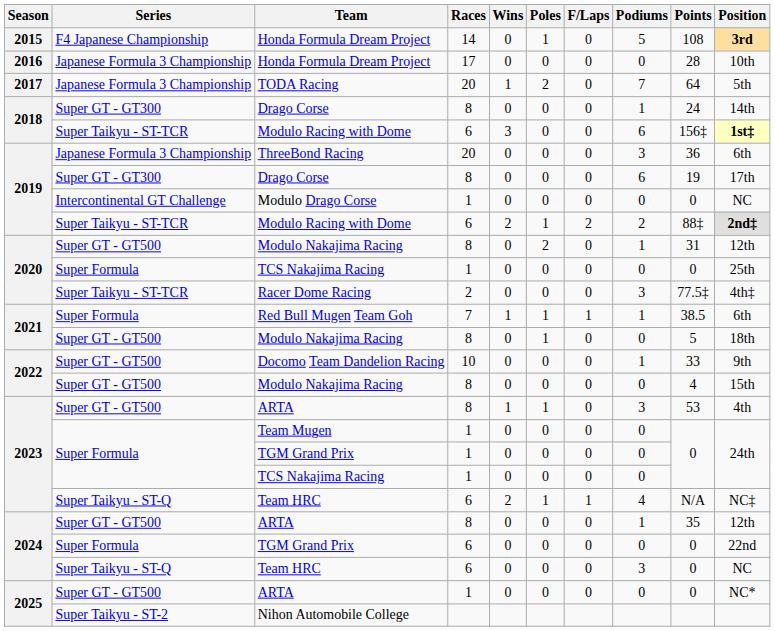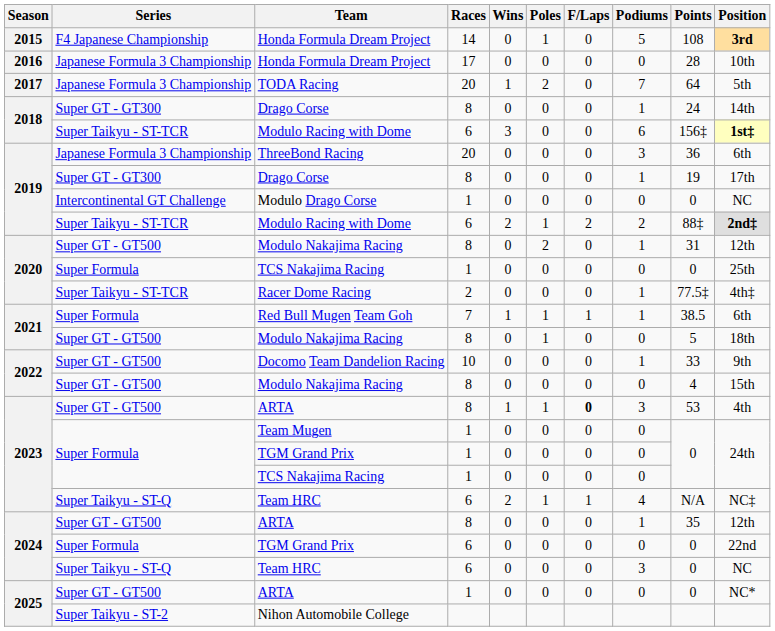 <table class="wikitable" style="font-size: 90%; text-align:center">
 <tr>
 <th>Season</th>
 <th>Series</th>
 <th>Team</th>
 <th>Races</th>
 <th>Wins</th>
 <th>Poles</th>
 <th>F/Laps</th>
 <th>Podiums</th>
 <th>Points</th>
 <th>Position</th>
 </tr>
 <tr>
 <th>2015</th>
 <td align=left><a href='#'>F4 Japanese Championship</a></td>
 <td align=left><a href='#'>Honda Formula Dream Project</a></td>
 <td>14</td>
 <td>0</td>
 <td>1</td>
 <td>0</td>
 <td>5</td>
 <td>108</td>
 <td style="background:#FFDF9F"><strong>3rd</strong></td>
 </tr>
 <tr>
 <th>2016</th>
 <td align=left><a href='#'>Japanese Formula 3 Championship</a></td>
 <td align=left><a href='#'>Honda Formula Dream Project</a></td>
 <td>17</td>
 <td>0</td>
 <td>0</td>
 <td>0</td>
 <td>0</td>
 <td>28</td>
 <td>10th</td>
 </tr>
 <tr>
 <th>2017</th>
 <td align=left><a href='#'>Japanese Formula 3 Championship</a></td>
 <td align=left><a href='#'>TODA Racing</a></td>
 <td>20</td>
 <td>1</td>
 <td>2</td>
 <td>0</td>
 <td>7</td>
 <td>64</td>
 <td>5th</td>
 </tr>
 <tr>
 <th rowspan="2">2018</th>
 <td align=left><a href='#'>Super GT - GT300</a></td>
 <td align=left><a href='#'>Drago Corse</a></td>
 <td>8</td>
 <td>0</td>
 <td>0</td>
 <td>0</td>
 <td>1</td>
 <td>24</td>
 <td>14th</td>
 </tr>
 <tr>
 <td align=left><a href='#'>Super Taikyu - ST-TCR</a></td>
 <td align=left><a href='#'>Modulo Racing with Dome</a></td>
 <td>6</td>
 <td>3</td>
 <td>0</td>
 <td>0</td>
 <td>6</td>
 <td>156‡</td>
 <td style="background:#FFFFBF"><strong>1st‡</strong></td>
 </tr>
 <tr>
 <th rowspan="4">2019</th>
 <td align=left><a href='#'>Japanese Formula 3 Championship</a></td>
 <td align=left><a href='#'>ThreeBond Racing</a></td>
 <td>20</td>
 <td>0</td>
 <td>0</td>
 <td>0</td>
 <td>3</td>
 <td>36</td>
 <td>6th</td>
 </tr>
 <tr>
 <td align=left><a href='#'>Super GT - GT300</a></td>
 <td align=left><a href='#'>Drago Corse</a></td>
 <td>8</td>
 <td>0</td>
 <td>0</td>
 <td>0</td>
-<td>6</td>
+<td>1</td>
 <td>19</td>
 <td>17th</td>
 </tr>
 <tr>
 <td align=left><a href='#'>Intercontinental GT Challenge</a></td>
 <td align=left>Modulo <a href='#'>Drago Corse</a></td>
 <td>1</td>
 <td>0</td>
 <td>0</td>
 <td>0</td>
 <td>0</td>
 <td>0</td>
 <td>NC</td>
 </tr>
 <tr>
 <td align=left><a href='#'>Super Taikyu - ST-TCR</a></td>
 <td align=left><a href='#'>Modulo Racing with Dome</a></td>
 <td>6</td>
 <td>2</td>
 <td>1</td>
 <td>2</td>
 <td>2</td>
 <td>88‡</td>
 <td style="background:#DFDFDF"><strong>2nd‡</strong></td>
 </tr>
 <tr>
 <th rowspan="3">2020</th>
 <td align=left><a href='#'>Super GT - GT500</a></td>
 <td align=left><a href='#'>Modulo Nakajima Racing</a></td>
 <td>8</td>
 <td>0</td>
 <td>2</td>
 <td>0</td>
 <td>1</td>
 <td>31</td>
 <td>12th</td>
 </tr>
 <tr>
 <td align=left><a href='#'>Super Formula</a></td>
 <td align=left><a href='#'>TCS Nakajima Racing</a></td>
 <td>1</td>
 <td>0</td>
 <td>0</td>
 <td>0</td>
 <td>0</td>
 <td>0</td>
 <td>25th</td>
 </tr>
 <tr>
 <td align=left><a href='#'>Super Taikyu - ST-TCR</a></td>
 <td align=left><a href='#'>Racer Dome Racing</a></td>
 <td>2</td>
 <td>0</td>
 <td>0</td>
 <td>0</td>
-<td>3</td>
+<td>1</td>
 <td>77.5‡</td>
 <td>4th‡</td>
 </tr>
 <tr>
 <th rowspan=2>2021</th>
 <td align=left><a href='#'>Super Formula</a></td>
 <td align=left><a href='#'>Red Bull Mugen</a> <a href='#'>Team Goh</a></td>
 <td>7</td>
 <td>1</td>
 <td>1</td>
 <td>1</td>
 <td>1</td>
 <td>38.5</td>
 <td>6th</td>
 </tr>
 <tr>
 <td align=left><a href='#'>Super GT - GT500</a></td>
 <td align=left><a href='#'>Modulo Nakajima Racing</a></td>
 <td>8</td>
 <td>0</td>
 <td>1</td>
 <td>0</td>
 <td>0</td>
 <td>5</td>
 <td>18th</td>
 </tr>
 <tr>
 <th rowspan="2">2022</th>
 <td align=left><a href='#'>Super GT - GT500</a></td>
 <td align=left><a href='#'>Docomo</a> <a href='#'>Team Dandelion Racing</a></td>
 <td>10</td>
 <td>0</td>
 <td>0</td>
 <td>0</td>
 <td>1</td>
 <td>33</td>
 <td>9th</td>
 </tr>
 <tr>
 <td align=left><a href='#'>Super GT - GT500</a></td>
 <td align=left><a href='#'>Modulo Nakajima Racing</a></td>
 <td>8</td>
 <td>0</td>
 <td>0</td>
 <td>0</td>
 <td>0</td>
 <td>4</td>
 <td>15th</td>
 </tr>
 <tr>
 <th rowspan="5">2023</th>
 <td align=left><a href='#'>Super GT - GT500</a></td>
 <td align=left><a href='#'>ARTA</a></td>
 <td>8</td>
 <td>1</td>
 <td>1</td>
-<td>0</td>
+<td><strong>0</strong></td>
 <td>3</td>
 <td>53</td>
 <td>4th</td>
 </tr>
 <tr>
 <td rowspan="3" align="left"><a href='#'>Super Formula</a></td>
 <td align=left><a href='#'>Team Mugen</a></td>
 <td>1</td>
 <td>0</td>
 <td>0</td>
 <td>0</td>
 <td>0</td>
 <td rowspan="3">0</td>
 <td rowspan="3">24th</td>
 </tr>
 <tr>
 <td align=left><a href='#'>TGM Grand Prix</a></td>
 <td>1</td>
 <td>0</td>
 <td>0</td>
 <td>0</td>
 <td>0</td>
 </tr>
 <tr>
 <td align=left><a href='#'>TCS Nakajima Racing</a></td>
 <td>1</td>
 <td>0</td>
 <td>0</td>
 <td>0</td>
 <td>0</td>
 </tr>
 <tr>
 <td align=left><a href='#'>Super Taikyu - ST-Q</a></td>
 <td align=left><a href='#'>Team HRC</a></td>
 <td>6</td>
 <td>2</td>
 <td>1</td>
 <td>1</td>
 <td>4</td>
 <td>N/A</td>
 <td>NC‡</td>
 </tr>
 <tr>
 <th rowspan="3">2024</th>
 <td align=left><a href='#'>Super GT - GT500</a></td>
 <td align=left><a href='#'>ARTA</a></td>
 <td>8</td>
 <td>0</td>
 <td>0</td>
 <td>0</td>
 <td>1</td>
 <td>35</td>
 <td>12th</td>
 </tr>
 <tr>
 <td align=left><a href='#'>Super Formula</a></td>
 <td align=left><a href='#'>TGM Grand Prix</a></td>
 <td>6</td>
 <td>0</td>
 <td>0</td>
 <td>0</td>
 <td>0</td>
 <td>0</td>
 <td>22nd</td>
 </tr>
 <tr>
 <td align=left><a href='#'>Super Taikyu - ST-Q</a></td>
 <td align=left><a href='#'>Team HRC</a></td>
 <td>6</td>
 <td>0</td>
 <td>0</td>
 <td>0</td>
 <td>3</td>
 <td>0</td>
 <td>NC</td>
 </tr>
 <tr>
 <th rowspan="2">2025</th>
 <td align=left><a href='#'>Super GT - GT500</a></td>
 <td align=left><a href='#'>ARTA</a></td>
 <td>1</td>
 <td>0</td>
 <td>0</td>
 <td>0</td>
 <td>0</td>
 <td>0</td>
 <td>NC*</td>
 </tr>
 <tr>
 <td align="left"><a href='#'>Super Taikyu - ST-2</a></td>
 <td align="left">Nihon Automobile College</td>
 <td></td>
 <td></td>
 <td></td>
 <td></td>
 <td></td>
 <td></td>
 <td></td>
 </tr>
 </table>
